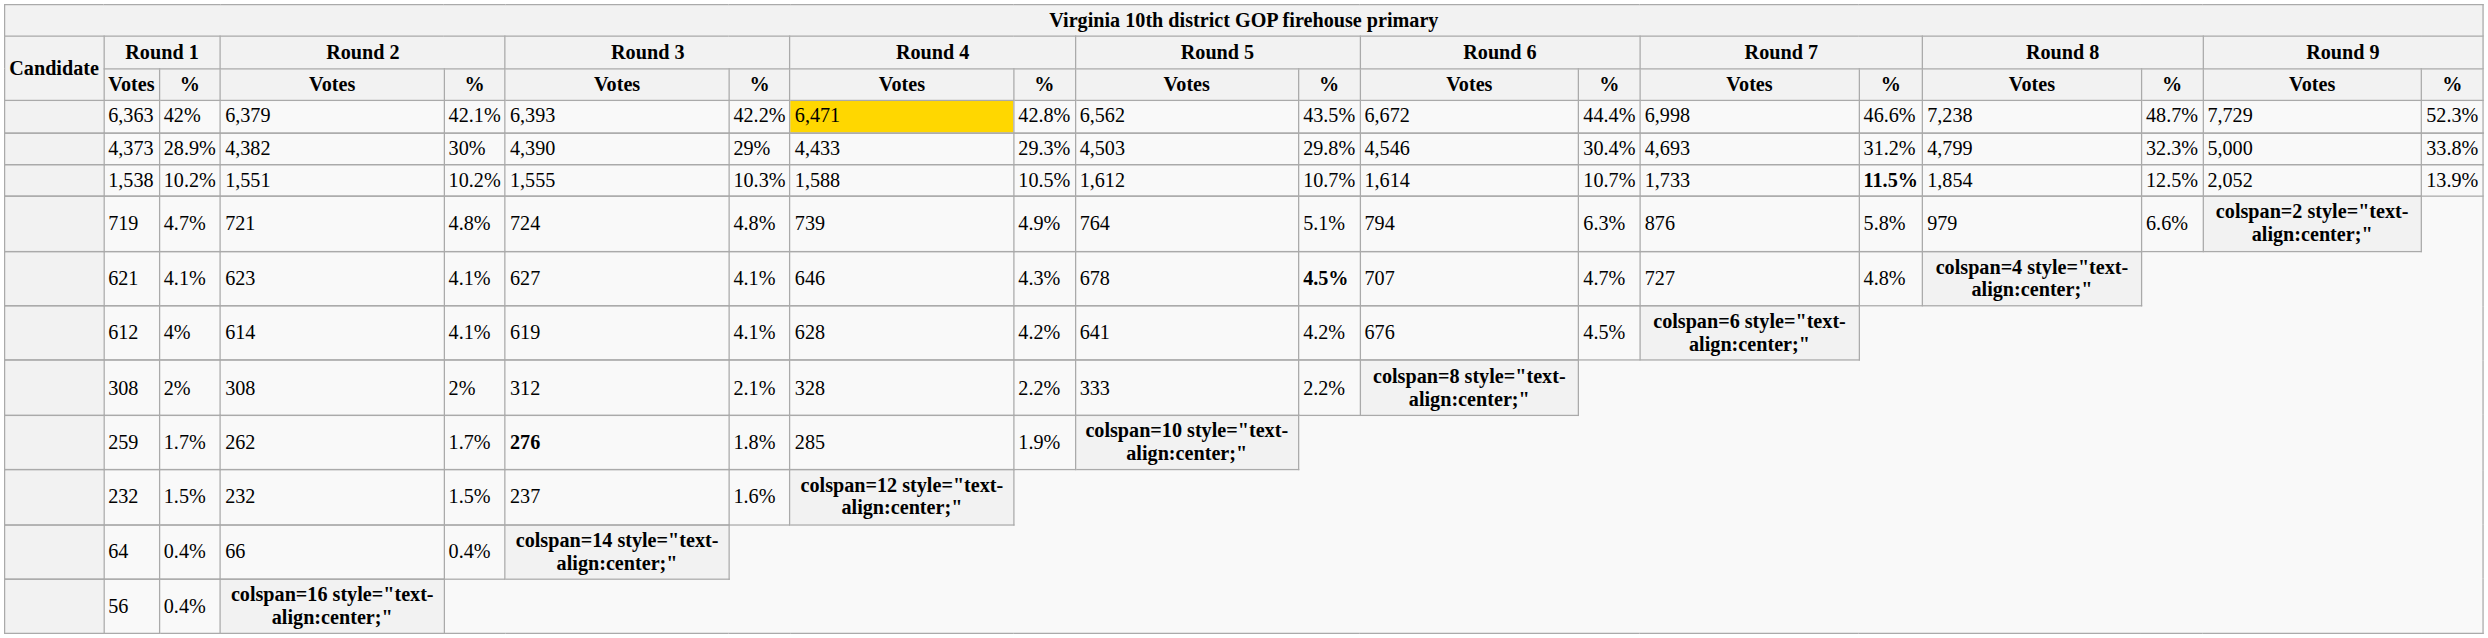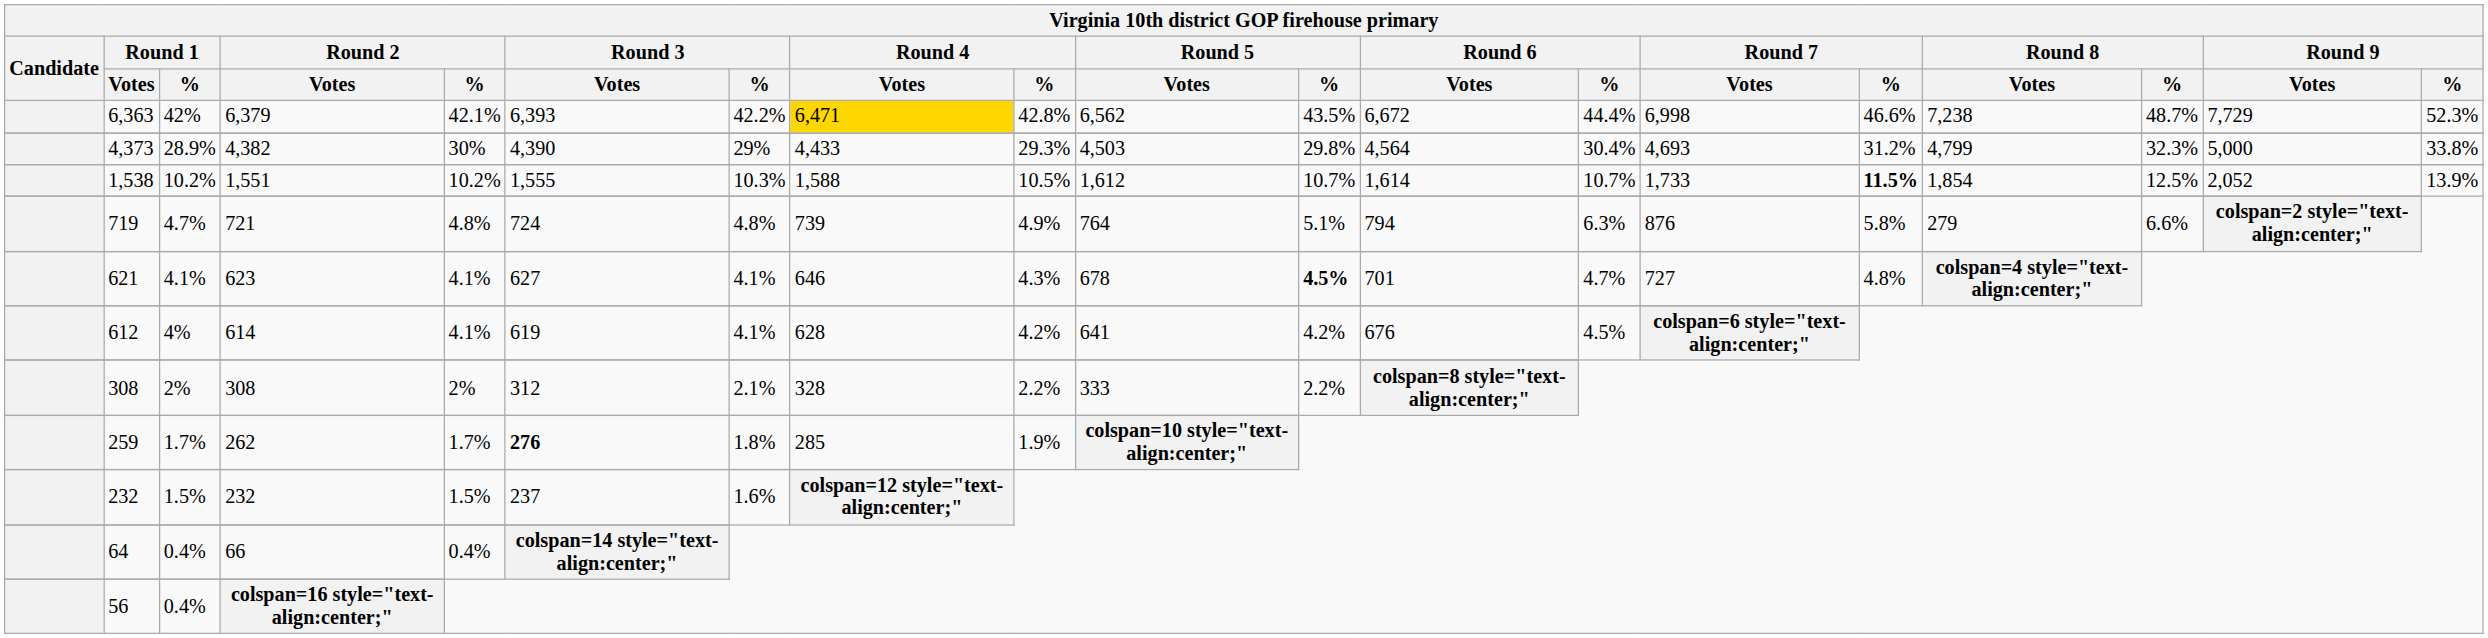 <table class="wikitable sortable">
 <tr>
 <th colspan=" 20 ">Virginia 10th district GOP firehouse primary</th>
 </tr>
 <tr style="background:#eee; text-align:center;">
 <th rowspan=2 style="text-align:center;">Candidate</th>
 <th colspan=2 style="text-align:center;">Round 1</th>
 <th colspan=2 style="text-align:center;">Round 2</th>
 <th colspan=2 style="text-align:center;">Round 3</th>
 <th colspan=2 style="text-align:center;">Round 4</th>
 <th colspan=2 style="text-align:center;">Round 5</th>
 <th colspan=2 style="text-align:center;">Round 6</th>
 <th colspan=2 style="text0align:center;">Round 7</th>
 <th colspan=2 style="text0align:center;">Round 8</th>
 <th colspan=2 style="text0align:center;">Round 9</th>
 </tr>
 <tr>
 <th>Votes</th>
 <th>%</th>
 <th>Votes</th>
 <th>%</th>
 <th>Votes</th>
 <th>%</th>
 <th>Votes</th>
 <th>%</th>
 <th>Votes</th>
 <th>%</th>
 <th>Votes</th>
 <th>%</th>
 <th>Votes</th>
 <th>%</th>
 <th>Votes</th>
 <th>%</th>
 <th>Votes</th>
 <th>%</th>
 </tr>
 <tr>
 <th scope="row" style="text-align:left;"></th>
 <td>6,363</td>
 <td>42%</td>
 <td>6,379</td>
 <td>42.1%</td>
 <td>6,393</td>
 <td>42.2%</td>
 <td style="background: gold;">6,471</td>
 <td>42.8%</td>
 <td>6,562</td>
 <td>43.5%</td>
 <td>6,672</td>
 <td>44.4%</td>
 <td>6,998</td>
 <td>46.6%</td>
 <td>7,238</td>
 <td>48.7%</td>
 <td> 7,729</td>
 <td> 52.3%</td>
 </tr>
 <tr>
 </tr>
 <tr>
 <th scope="row" style="text-align:left;"></th>
 <td>4,373</td>
 <td>28.9%</td>
 <td>4,382</td>
 <td>30%</td>
 <td>4,390</td>
 <td>29%</td>
 <td>4,433</td>
 <td>29.3%</td>
 <td>4,503</td>
 <td>29.8%</td>
-<td>4,546</td>
+<td>4,564</td>
 <td>30.4%</td>
 <td>4,693</td>
 <td>31.2%</td>
 <td>4,799</td>
 <td>32.3%</td>
 <td>5,000</td>
 <td>33.8%</td>
 </tr>
 <tr>
 </tr>
 <tr>
 <th scope="row" style="text-align:left;"></th>
 <td>1,538</td>
 <td>10.2%</td>
 <td>1,551</td>
 <td>10.2%</td>
 <td>1,555</td>
 <td>10.3%</td>
 <td>1,588</td>
 <td>10.5%</td>
 <td>1,612</td>
 <td>10.7%</td>
 <td>1,614</td>
 <td>10.7%</td>
 <td>1,733</td>
 <td><strong>11.5%</strong></td>
 <td>1,854</td>
 <td>12.5%</td>
 <td>2,052</td>
 <td>13.9%</td>
 </tr>
 <tr>
 </tr>
 <tr>
 <th scope="row" style="text-align:left;"></th>
 <td>719</td>
 <td>4.7%</td>
 <td>721</td>
 <td>4.8%</td>
 <td>724</td>
 <td>4.8%</td>
 <td>739</td>
 <td>4.9%</td>
 <td>764</td>
 <td>5.1%</td>
 <td>794</td>
 <td>6.3%</td>
 <td>876</td>
 <td>5.8%</td>
-<td>979</td>
+<td>279</td>
 <td>6.6%</td>
 <th>colspan=2 style="text-align:center;" </th>
 </tr>
 <tr>
 </tr>
 <tr>
 <th scope="row" style="text-align:left;"></th>
 <td>621</td>
 <td>4.1%</td>
 <td>623</td>
 <td>4.1%</td>
 <td>627</td>
 <td>4.1%</td>
 <td>646</td>
 <td>4.3%</td>
 <td>678</td>
 <td><strong>4.5%</strong></td>
-<td>707</td>
+<td>701</td>
 <td>4.7%</td>
 <td>727</td>
 <td>4.8%</td>
 <th>colspan=4 style="text-align:center;" </th>
 </tr>
 <tr>
 </tr>
 <tr>
 <th scope="row" style="text-align:left;"></th>
 <td>612</td>
 <td>4%</td>
 <td>614</td>
 <td>4.1%</td>
 <td>619</td>
 <td>4.1%</td>
 <td>628</td>
 <td>4.2%</td>
 <td>641</td>
 <td>4.2%</td>
 <td>676</td>
 <td>4.5%</td>
 <th>colspan=6 style="text-align:center;" </th>
 </tr>
 <tr>
 </tr>
 <tr>
 <th scope="row" style="text-align:left;"></th>
 <td>308</td>
 <td>2%</td>
 <td>308</td>
 <td>2%</td>
 <td>312</td>
 <td>2.1%</td>
 <td>328</td>
 <td>2.2%</td>
 <td>333</td>
 <td>2.2%</td>
 <th>colspan=8 style="text-align:center;" </th>
 </tr>
 <tr>
 </tr>
 <tr>
 <th scope="row" style="text-align:left;"></th>
 <td>259</td>
 <td>1.7%</td>
 <td>262</td>
 <td>1.7%</td>
 <td><strong>276</strong></td>
 <td>1.8%</td>
 <td>285</td>
 <td>1.9%</td>
 <th>colspan=10 style="text-align:center;" </th>
 </tr>
 <tr>
 </tr>
 <tr>
 <th scope="row" style="text-align:left;"></th>
 <td>232</td>
 <td>1.5%</td>
 <td>232</td>
 <td>1.5%</td>
 <td>237</td>
 <td>1.6%</td>
 <th>colspan=12 style="text-align:center;" </th>
 </tr>
 <tr>
 </tr>
 <tr>
 <th scope="row" style="text-align:left;"></th>
 <td>64</td>
 <td>0.4%</td>
 <td>66</td>
 <td>0.4%</td>
 <th>colspan=14 style="text-align:center;" </th>
 </tr>
 <tr>
 </tr>
 <tr>
 <th scope="row" style="text-align:left;"></th>
 <td>56</td>
 <td>0.4%</td>
 <th>colspan=16 style="text-align:center;" </th>
 </tr>
 </table>
